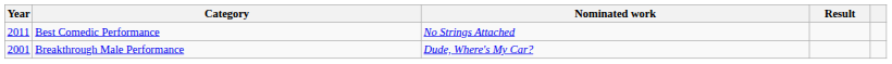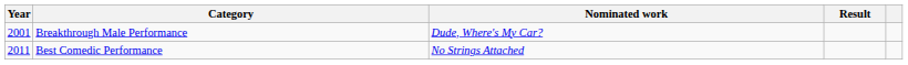 <table class="wikitable">
 <tr>
 <th scope="col" style="width:1em;">Year</th>
 <th scope="col" style="width:35em;">Category</th>
 <th scope="col" style="width:35em;">Nominated work</th>
 <th scope="col" style="width:5em;">Result</th>
 <th scope="col" style="width:1em;"></th>
 </tr>
 <tr>
+<td><a href='#'>2001</a></td>
+<td><a href='#'>Breakthrough Male Performance</a></td>
+<td><em><a href='#'>Dude, Where's My Car?</a></em></td>
+<td></td>
+<td style="text-align:center;"></td>
+</tr>
+<tr>
 <td><a href='#'>2011</a></td>
 <td><a href='#'>Best Comedic Performance</a></td>
 <td><em><a href='#'>No Strings Attached</a></em></td>
 <td></td>
 <td style="text-align:center;"></td>
 </tr>
-<tr>
-<td><a href='#'>2001</a></td>
-<td><a href='#'>Breakthrough Male Performance</a></td>
-<td><em><a href='#'>Dude, Where's My Car?</a></em></td>
-<td></td>
-<td style="text-align:center;"></td>
-</tr>
 </table>
